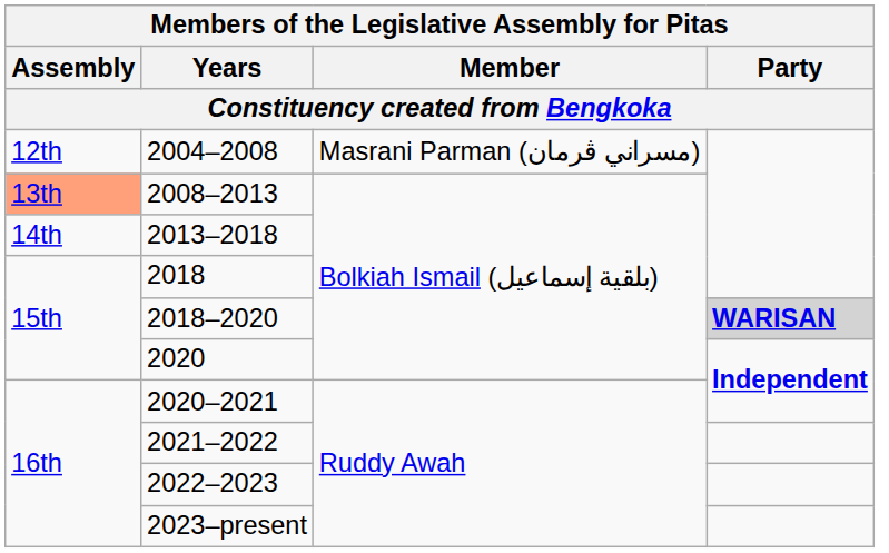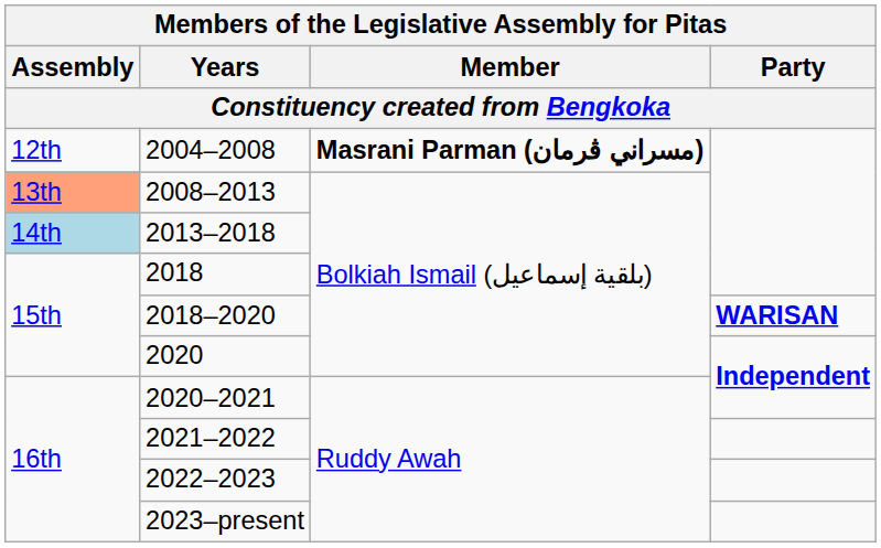 <table class="wikitable">
 <tr>
 <th colspan="4">Members of the Legislative Assembly for Pitas</th>
 </tr>
 <tr>
 <th>Assembly</th>
 <th>Years</th>
 <th>Member</th>
 <th>Party</th>
 </tr>
 <tr>
 <th colspan="4" align="center"><em>Constituency created from <a href='#'>Bengkoka</a></em></th>
 </tr>
 <tr>
 <td><a href='#'>12th</a></td>
 <td>2004–2008</td>
-<td>Masrani Parman (مسراني ڤرمان)</td>
+<td><strong>Masrani Parman (مسراني ڤرمان)</strong></td>
 <td rowspan="4"></td>
 </tr>
 <tr>
 <td style="background: lightsalmon;"><a href='#'>13th</a></td>
 <td>2008–2013</td>
 <td rowspan="5"><a href='#'>Bolkiah Ismail</a> (بلقية إسماعيل)</td>
 </tr>
 <tr>
-<td><a href='#'>14th</a></td>
+<td style="background: lightblue;"><a href='#'>14th</a></td>
 <td>2013–2018</td>
 </tr>
 <tr>
 <td rowspan="3"><a href='#'>15th</a></td>
 <td>2018</td>
 </tr>
 <tr>
 <td>2018–2020</td>
-<td style="background: lightgrey;"><strong><a href='#'>WARISAN</a></strong></td>
+<td><strong><a href='#'>WARISAN</a></strong></td>
 </tr>
 <tr>
 <td>2020</td>
 <td rowspan="2"><strong><a href='#'>Independent</a></strong></td>
 </tr>
 <tr>
 <td rowspan="4"><a href='#'>16th</a></td>
 <td>2020–2021</td>
 <td rowspan="4"><a href='#'>Ruddy Awah</a></td>
 </tr>
 <tr>
 <td>2021–2022</td>
 <td></td>
 </tr>
 <tr>
 <td>2022–2023</td>
 <td></td>
 </tr>
 <tr>
 <td>2023–present</td>
 <td></td>
 </tr>
 </table>
